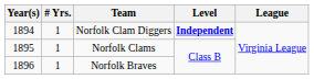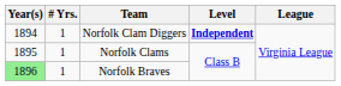 <table class="wikitable" style="text-align:center; font-size: 95%;">
 <tr>
 <th>Year(s)</th>
 <th># Yrs.</th>
 <th>Team</th>
 <th>Level</th>
 <th>League</th>
 </tr>
 <tr>
 <td>1894</td>
 <td>1</td>
 <td>Norfolk Clam Diggers</td>
 <td><strong><a href='#'>Independent</a></strong></td>
 <td rowspan=3><a href='#'>Virginia League</a></td>
 </tr>
 <tr>
 <td>1895</td>
 <td>1</td>
 <td>Norfolk Clams</td>
 <td Rowspan=2><a href='#'>Class B</a></td>
 </tr>
 <tr>
-<td>1896</td>
+<td style="background: lightgreen;">1896</td>
 <td>1</td>
 <td>Norfolk Braves</td>
 </tr>
 </table>
